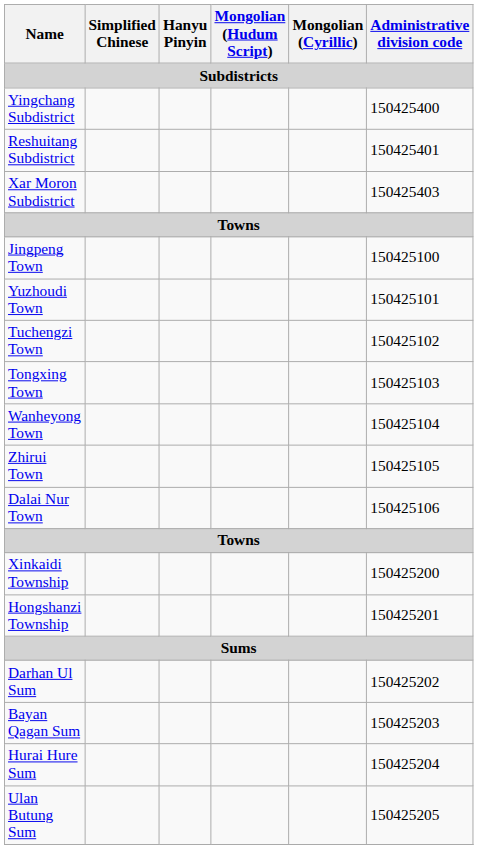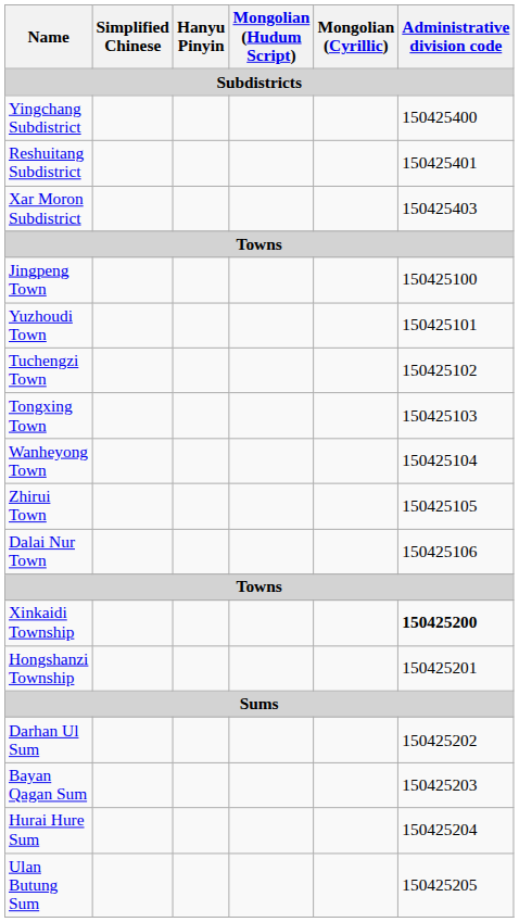 <table class="wikitable" align="center" style="width:50%; border="1">
 <tr>
 <th>Name</th>
 <th>Simplified Chinese</th>
 <th>Hanyu Pinyin</th>
 <th><a href='#'>Mongolian</a> (<a href='#'>Hudum Script</a>)</th>
 <th>Mongolian (<a href='#'>Cyrillic</a>)</th>
 <th><a href='#'>Administrative division code</a></th>
 </tr>
 <tr>
 <td colspan="6"  style="text-align:center; background:#d3d3d3;"><strong>Subdistricts</strong></td>
 </tr>
 <tr --------->
 <td><a href='#'>Yingchang Subdistrict</a></td>
 <td></td>
 <td></td>
 <td></td>
 <td></td>
 <td>150425400</td>
 </tr>
 <tr>
 <td><a href='#'>Reshuitang Subdistrict</a></td>
 <td></td>
 <td></td>
 <td></td>
 <td></td>
 <td>150425401</td>
 </tr>
 <tr>
 <td><a href='#'>Xar Moron Subdistrict</a></td>
 <td></td>
 <td></td>
 <td></td>
 <td></td>
 <td>150425403</td>
 </tr>
 <tr>
 <td colspan="6"  style="text-align:center; background:#d3d3d3;"><strong>Towns</strong></td>
 </tr>
 <tr --------->
 <td><a href='#'>Jingpeng Town</a></td>
 <td></td>
 <td></td>
 <td></td>
 <td></td>
 <td>150425100</td>
 </tr>
 <tr>
 <td><a href='#'>Yuzhoudi Town</a></td>
 <td></td>
 <td></td>
 <td></td>
 <td></td>
 <td>150425101</td>
 </tr>
 <tr>
 <td><a href='#'>Tuchengzi Town</a></td>
 <td></td>
 <td></td>
 <td></td>
 <td></td>
 <td>150425102</td>
 </tr>
 <tr>
 <td><a href='#'>Tongxing Town</a></td>
 <td></td>
 <td></td>
 <td></td>
 <td></td>
 <td>150425103</td>
 </tr>
 <tr>
 <td><a href='#'>Wanheyong Town</a></td>
 <td></td>
 <td></td>
 <td></td>
 <td></td>
 <td>150425104</td>
 </tr>
 <tr>
 <td><a href='#'>Zhirui Town</a></td>
 <td></td>
 <td></td>
 <td></td>
 <td></td>
 <td>150425105</td>
 </tr>
 <tr>
 <td><a href='#'>Dalai Nur Town</a></td>
 <td></td>
 <td></td>
 <td></td>
 <td></td>
 <td>150425106</td>
 </tr>
 <tr>
 <td colspan="6"  style="text-align:center; background:#d3d3d3;"><strong>Towns</strong></td>
 </tr>
 <tr --------->
 <td><a href='#'>Xinkaidi Township</a></td>
 <td></td>
 <td></td>
 <td></td>
 <td></td>
-<td>150425200</td>
+<td><strong>150425200</strong></td>
 </tr>
 <tr>
 <td><a href='#'>Hongshanzi Township</a></td>
 <td></td>
 <td></td>
 <td></td>
 <td></td>
 <td>150425201</td>
 </tr>
 <tr>
 <td colspan="6"  style="text-align:center; background:#d3d3d3;"><strong>Sums</strong></td>
 </tr>
 <tr --------->
 <td><a href='#'>Darhan Ul Sum</a></td>
 <td></td>
 <td></td>
 <td></td>
 <td></td>
 <td>150425202</td>
 </tr>
 <tr>
 <td><a href='#'>Bayan Qagan Sum</a></td>
 <td></td>
 <td></td>
 <td></td>
 <td></td>
 <td>150425203</td>
 </tr>
 <tr>
 <td><a href='#'>Hurai Hure Sum</a></td>
 <td></td>
 <td></td>
 <td></td>
 <td></td>
 <td>150425204</td>
 </tr>
 <tr>
 <td><a href='#'>Ulan Butung Sum</a></td>
 <td></td>
 <td></td>
 <td></td>
 <td></td>
 <td>150425205</td>
 </tr>
 <tr>
 </tr>
 </table>
